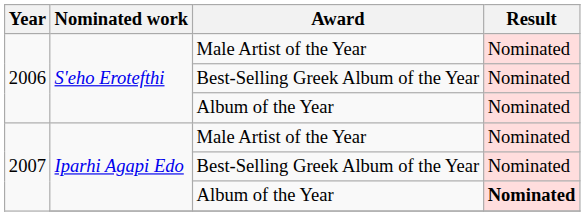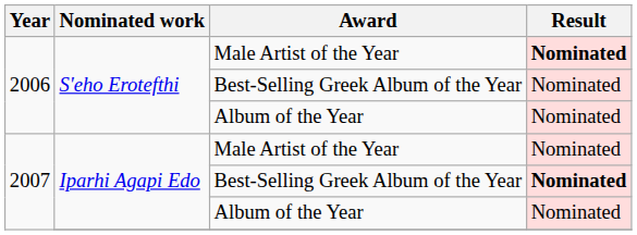 <table class="wikitable">
 <tr>
 <th>Year</th>
 <th>Nominated work</th>
 <th>Award</th>
 <th>Result</th>
 </tr>
 <tr>
 <td rowspan="3">2006</td>
 <td rowspan="3"><em><a href='#'>S'eho Erotefthi</a></em></td>
 <td>Male Artist of the Year</td>
-<td style="background: #ffdddd">Nominated</td>
+<td style="background: #ffdddd"><strong>Nominated</strong></td>
 </tr>
 <tr>
 <td>Best-Selling Greek Album of the Year</td>
 <td style="background: #ffdddd">Nominated</td>
 </tr>
 <tr>
 <td>Album of the Year</td>
 <td style="background: #ffdddd">Nominated</td>
 </tr>
 <tr>
 <td rowspan="4">2007</td>
 <td rowspan="3"><em><a href='#'>Iparhi Agapi Edo</a></em></td>
 <td>Male Artist of the Year</td>
 <td style="background: #ffdddd">Nominated</td>
 </tr>
 <tr>
 <td>Best-Selling Greek Album of the Year</td>
-<td style="background: #ffdddd">Nominated</td>
+<td style="background: #ffdddd"><strong>Nominated</strong></td>
 </tr>
 <tr>
 <td>Album of the Year</td>
-<td style="background: #ffdddd"><strong>Nominated</strong></td>
+<td style="background: #ffdddd">Nominated</td>
 </tr>
 <tr>
 </tr>
 </table>
